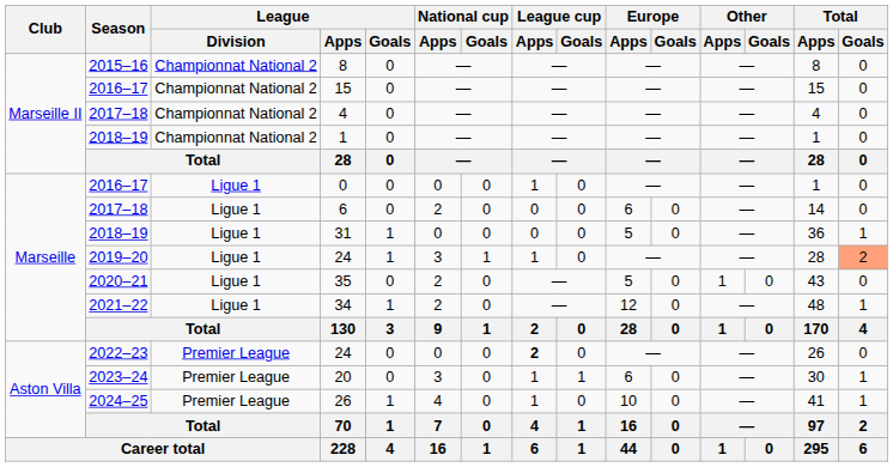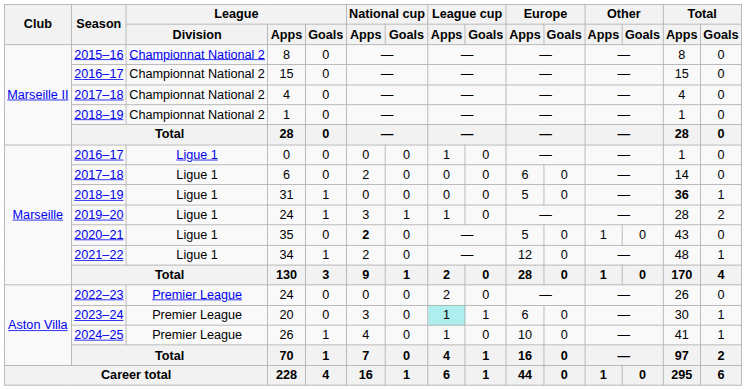 <table class="wikitable" style="text-align:center">
 <tr>
 <th rowspan="2">Club</th>
 <th rowspan="2">Season</th>
 <th colspan="3">League</th>
 <th colspan="2">National cup</th>
 <th colspan="2">League cup</th>
 <th colspan="2">Europe</th>
 <th colspan="2">Other</th>
 <th colspan="2">Total</th>
 </tr>
 <tr>
 <th>Division</th>
 <th>Apps</th>
 <th>Goals</th>
 <th>Apps</th>
 <th>Goals</th>
 <th>Apps</th>
 <th>Goals</th>
 <th>Apps</th>
 <th>Goals</th>
 <th>Apps</th>
 <th>Goals</th>
 <th>Apps</th>
 <th>Goals</th>
 </tr>
 <tr>
 <td rowspan="5"><a href='#'>Marseille II</a></td>
 <td><a href='#'>2015–16</a></td>
 <td><a href='#'>Championnat National 2</a></td>
 <td>8</td>
 <td>0</td>
 <td colspan="2">—</td>
 <td colspan="2">—</td>
 <td colspan="2">—</td>
 <td colspan="2">—</td>
 <td>8</td>
 <td>0</td>
 </tr>
 <tr>
 <td><a href='#'>2016–17</a></td>
 <td>Championnat National 2</td>
 <td>15</td>
 <td>0</td>
 <td colspan="2">—</td>
 <td colspan="2">—</td>
 <td colspan="2">—</td>
 <td colspan="2">—</td>
 <td>15</td>
 <td>0</td>
 </tr>
 <tr>
 <td><a href='#'>2017–18</a></td>
 <td>Championnat National 2</td>
 <td>4</td>
 <td>0</td>
 <td colspan="2">—</td>
 <td colspan="2">—</td>
 <td colspan="2">—</td>
 <td colspan="2">—</td>
 <td>4</td>
 <td>0</td>
 </tr>
 <tr>
 <td><a href='#'>2018–19</a></td>
 <td>Championnat National 2</td>
 <td>1</td>
 <td>0</td>
 <td colspan="2">—</td>
 <td colspan="2">—</td>
 <td colspan="2">—</td>
 <td colspan="2">—</td>
 <td>1</td>
 <td>0</td>
 </tr>
 <tr>
 <th colspan="2">Total</th>
 <th>28</th>
 <th>0</th>
 <th colspan="2">—</th>
 <th colspan="2">—</th>
 <th colspan="2">—</th>
 <th colspan="2">—</th>
 <th>28</th>
 <th>0</th>
 </tr>
 <tr>
 <td rowspan="7"><a href='#'>Marseille</a></td>
 <td><a href='#'>2016–17</a></td>
 <td><a href='#'>Ligue 1</a></td>
 <td>0</td>
 <td>0</td>
 <td>0</td>
 <td>0</td>
 <td>1</td>
 <td>0</td>
 <td colspan="2">—</td>
 <td colspan="2">—</td>
 <td>1</td>
 <td>0</td>
 </tr>
 <tr>
 <td><a href='#'>2017–18</a></td>
 <td>Ligue 1</td>
 <td>6</td>
 <td>0</td>
 <td>2</td>
 <td>0</td>
 <td>0</td>
 <td>0</td>
 <td>6</td>
 <td>0</td>
 <td colspan="2">—</td>
 <td>14</td>
 <td>0</td>
 </tr>
 <tr>
 <td><a href='#'>2018–19</a></td>
 <td>Ligue 1</td>
 <td>31</td>
 <td>1</td>
 <td>0</td>
 <td>0</td>
 <td>0</td>
 <td>0</td>
 <td>5</td>
 <td>0</td>
 <td colspan="2">—</td>
-<td>36</td>
+<td><strong>36</strong></td>
 <td>1</td>
 </tr>
 <tr>
 <td><a href='#'>2019–20</a></td>
 <td>Ligue 1</td>
 <td>24</td>
 <td>1</td>
 <td>3</td>
 <td>1</td>
 <td>1</td>
 <td>0</td>
 <td colspan="2">—</td>
 <td colspan="2">—</td>
 <td>28</td>
-<td style="background: lightsalmon;">2</td>
+<td>2</td>
 </tr>
 <tr>
 <td><a href='#'>2020–21</a></td>
 <td>Ligue 1</td>
 <td>35</td>
 <td>0</td>
-<td>2</td>
+<td><strong>2</strong></td>
 <td>0</td>
 <td colspan="2">—</td>
 <td>5</td>
 <td>0</td>
 <td>1</td>
 <td>0</td>
 <td>43</td>
 <td>0</td>
 </tr>
 <tr>
 <td><a href='#'>2021–22</a></td>
 <td>Ligue 1</td>
 <td>34</td>
 <td>1</td>
 <td>2</td>
 <td>0</td>
 <td colspan="2">—</td>
 <td>12</td>
 <td>0</td>
 <td colspan="2">—</td>
 <td>48</td>
 <td>1</td>
 </tr>
 <tr>
 <th colspan="2">Total</th>
 <th>130</th>
 <th>3</th>
 <th>9</th>
 <th>1</th>
 <th>2</th>
 <th>0</th>
 <th>28</th>
 <th>0</th>
 <th>1</th>
 <th>0</th>
 <th>170</th>
 <th>4</th>
 </tr>
 <tr>
 <td rowspan="4"><a href='#'>Aston Villa</a></td>
 <td><a href='#'>2022–23</a></td>
 <td><a href='#'>Premier League</a></td>
 <td>24</td>
 <td>0</td>
 <td>0</td>
 <td>0</td>
-<td><strong>2</strong></td>
+<td>2</td>
 <td>0</td>
 <td colspan="2">—</td>
 <td colspan="2">—</td>
 <td>26</td>
 <td>0</td>
 </tr>
 <tr>
 <td><a href='#'>2023–24</a></td>
 <td>Premier League</td>
 <td>20</td>
 <td>0</td>
 <td>3</td>
 <td>0</td>
-<td>1</td>
+<td style="background: paleturquoise;">1</td>
 <td>1</td>
 <td>6</td>
 <td>0</td>
 <td colspan="2">—</td>
 <td>30</td>
 <td>1</td>
 </tr>
 <tr>
 <td><a href='#'>2024–25</a></td>
 <td>Premier League</td>
 <td>26</td>
 <td>1</td>
 <td>4</td>
 <td>0</td>
 <td>1</td>
 <td>0</td>
 <td>10</td>
 <td>0</td>
 <td colspan="2">—</td>
 <td>41</td>
 <td>1</td>
 </tr>
 <tr>
 <th colspan="2">Total</th>
 <th>70</th>
 <th>1</th>
 <th>7</th>
 <th>0</th>
 <th>4</th>
 <th>1</th>
 <th>16</th>
 <th>0</th>
 <th colspan="2">—</th>
 <th>97</th>
 <th>2</th>
 </tr>
 <tr>
 <th colspan="3">Career total</th>
 <th>228</th>
 <th>4</th>
 <th>16</th>
 <th>1</th>
 <th>6</th>
 <th>1</th>
 <th>44</th>
 <th>0</th>
 <th>1</th>
 <th>0</th>
 <th>295</th>
 <th>6</th>
 </tr>
 </table>
